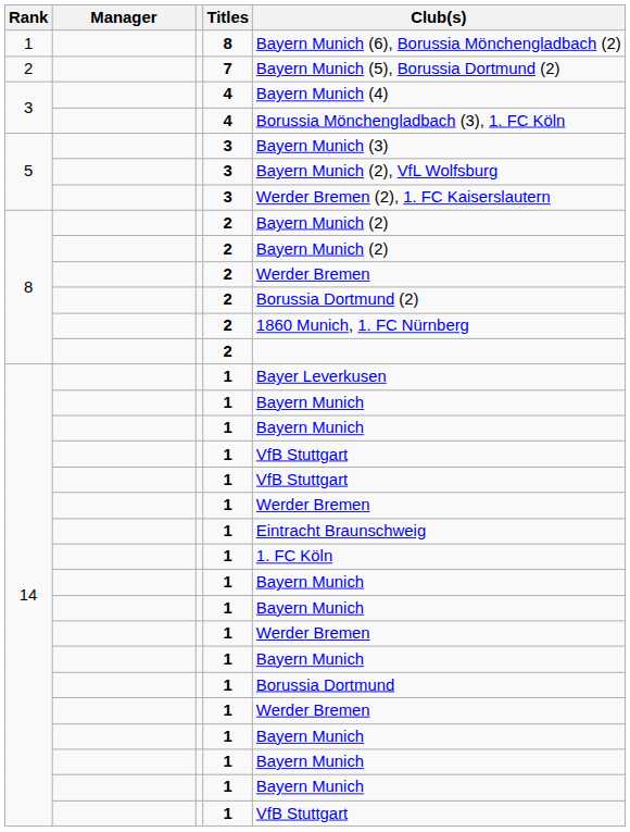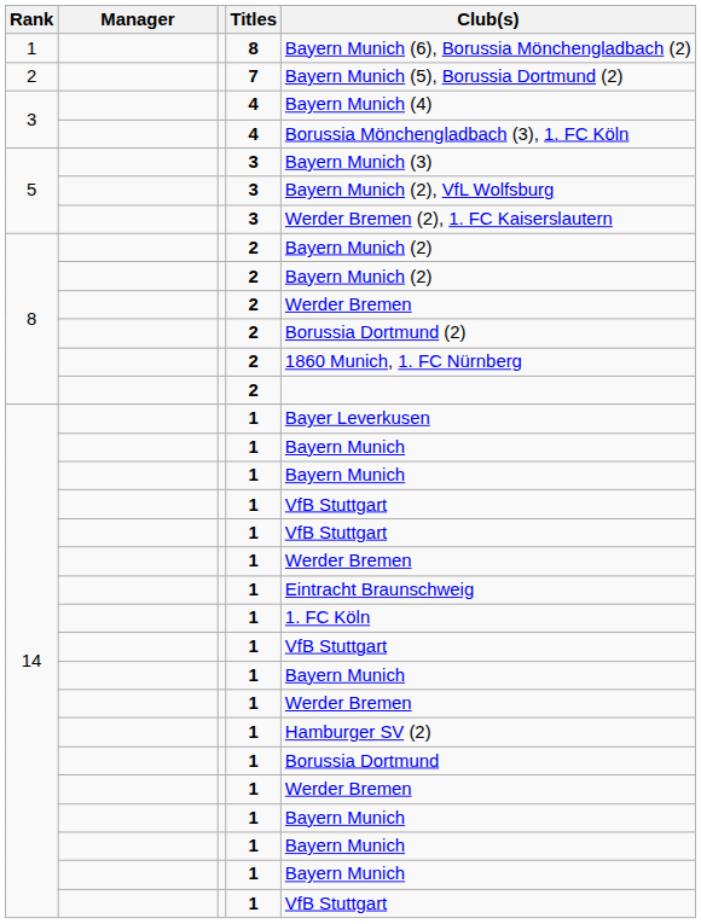 <table class="wikitable sortable nowrap" style="text-align: center">
 <tr>
 <th>Rank</th>
 <th width=135>Manager</th>
 <th></th>
 <th>Titles</th>
 <th>Club(s)</th>
 </tr>
 <tr>
 <td>1</td>
 <td align=left></td>
 <td></td>
 <td><strong>8</strong></td>
 <td align=left><a href='#'>Bayern Munich</a> (6), <a href='#'>Borussia Mönchengladbach</a> (2)</td>
 </tr>
 <tr>
 <td>2</td>
 <td align=left></td>
 <td></td>
 <td><strong>7</strong></td>
 <td align=left><a href='#'>Bayern Munich</a> (5), <a href='#'>Borussia Dortmund</a> (2)</td>
 </tr>
 <tr>
 <td rowspan=2>3</td>
 <td align=left></td>
 <td></td>
 <td><strong>4</strong></td>
 <td align=left><a href='#'>Bayern Munich</a> (4)</td>
 </tr>
 <tr>
 <td align=left></td>
 <td></td>
 <td><strong>4</strong></td>
 <td align=left><a href='#'>Borussia Mönchengladbach</a> (3), <a href='#'>1. FC Köln</a></td>
 </tr>
 <tr>
 <td rowspan=3>5</td>
 <td align=left></td>
 <td></td>
 <td><strong>3</strong></td>
 <td align=left><a href='#'>Bayern Munich</a> (3)</td>
 </tr>
 <tr>
 <td align=left></td>
 <td></td>
 <td><strong>3</strong></td>
 <td align=left><a href='#'>Bayern Munich</a> (2), <a href='#'>VfL Wolfsburg</a></td>
 </tr>
 <tr>
 <td align=left></td>
 <td></td>
 <td><strong>3</strong></td>
 <td align=left><a href='#'>Werder Bremen</a> (2), <a href='#'>1. FC Kaiserslautern</a></td>
 </tr>
 <tr>
 <td rowspan=6>8</td>
 <td align=left></td>
 <td></td>
 <td><strong>2</strong></td>
 <td align=left><a href='#'>Bayern Munich</a> (2)</td>
 </tr>
 <tr>
 <td align=left></td>
 <td></td>
 <td><strong>2</strong></td>
 <td align=left><a href='#'>Bayern Munich</a> (2)</td>
 </tr>
 <tr>
 <td align=left></td>
 <td></td>
 <td><strong>2</strong></td>
 <td align=left><a href='#'>Werder Bremen</a></td>
 </tr>
 <tr>
 <td align=left></td>
 <td></td>
 <td><strong>2</strong></td>
 <td align=left><a href='#'>Borussia Dortmund</a> (2)</td>
 </tr>
 <tr>
 <td align=left></td>
 <td></td>
 <td><strong>2</strong></td>
 <td align=left><a href='#'>1860 Munich</a>, <a href='#'>1. FC Nürnberg</a></td>
 </tr>
 <tr>
 <td align=left></td>
 <td></td>
 <td><strong>2</strong></td>
 <td align=left></td>
 </tr>
 <tr>
 <td rowspan=18>14</td>
 <td align=left></td>
 <td></td>
 <td><strong>1</strong></td>
 <td align=left><a href='#'>Bayer Leverkusen</a></td>
 </tr>
 <tr>
 <td align=left></td>
 <td></td>
 <td><strong>1</strong></td>
 <td align=left><a href='#'>Bayern Munich</a></td>
 </tr>
 <tr>
 <td align=left></td>
 <td></td>
 <td><strong>1</strong></td>
 <td align=left><a href='#'>Bayern Munich</a></td>
 </tr>
 <tr>
 <td align=left></td>
 <td></td>
 <td><strong>1</strong></td>
 <td align=left><a href='#'>VfB Stuttgart</a></td>
 </tr>
 <tr>
 <td align=left></td>
 <td></td>
 <td><strong>1</strong></td>
 <td align=left><a href='#'>VfB Stuttgart</a></td>
 </tr>
 <tr>
 <td align=left></td>
 <td></td>
 <td><strong>1</strong></td>
 <td align=left><a href='#'>Werder Bremen</a></td>
 </tr>
 <tr>
 <td align=left></td>
 <td></td>
 <td><strong>1</strong></td>
 <td align=left><a href='#'>Eintracht Braunschweig</a></td>
 </tr>
 <tr>
 <td align=left></td>
 <td></td>
 <td><strong>1</strong></td>
 <td align=left><a href='#'>1. FC Köln</a></td>
 </tr>
 <tr>
 <td align=left></td>
 <td></td>
 <td><strong>1</strong></td>
-<td align=left><a href='#'>Bayern Munich</a></td>
+<td align=left><a href='#'>VfB Stuttgart</a></td>
 </tr>
 <tr>
 <td align=left></td>
 <td></td>
 <td><strong>1</strong></td>
 <td align=left><a href='#'>Bayern Munich</a></td>
 </tr>
 <tr>
 <td align=left></td>
 <td></td>
 <td><strong>1</strong></td>
 <td align=left><a href='#'>Werder Bremen</a></td>
 </tr>
 <tr>
 <td align=left></td>
 <td></td>
 <td><strong>1</strong></td>
-<td align=left><a href='#'>Bayern Munich</a></td>
+<td align=left><a href='#'>Hamburger SV</a> (2)</td>
 </tr>
 <tr>
 <td align=left></td>
 <td></td>
 <td><strong>1</strong></td>
 <td align=left><a href='#'>Borussia Dortmund</a></td>
 </tr>
 <tr>
 <td align=left></td>
 <td></td>
 <td><strong>1</strong></td>
 <td align=left><a href='#'>Werder Bremen</a></td>
 </tr>
 <tr>
 <td align=left></td>
 <td></td>
 <td><strong>1</strong></td>
 <td align=left><a href='#'>Bayern Munich</a></td>
 </tr>
 <tr>
 <td align=left></td>
 <td></td>
 <td><strong>1</strong></td>
 <td align=left><a href='#'>Bayern Munich</a></td>
 </tr>
 <tr>
 <td align=left></td>
 <td></td>
 <td><strong>1</strong></td>
 <td align=left><a href='#'>Bayern Munich</a></td>
 </tr>
 <tr>
 <td align=left></td>
 <td></td>
 <td><strong>1</strong></td>
 <td align=left><a href='#'>VfB Stuttgart</a></td>
 </tr>
 </table>
